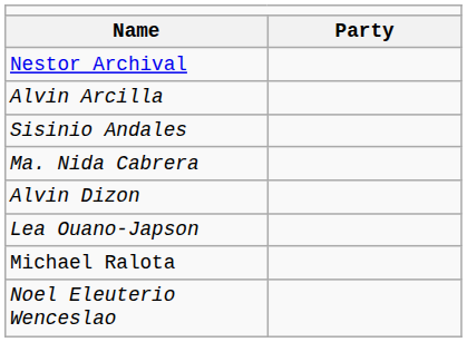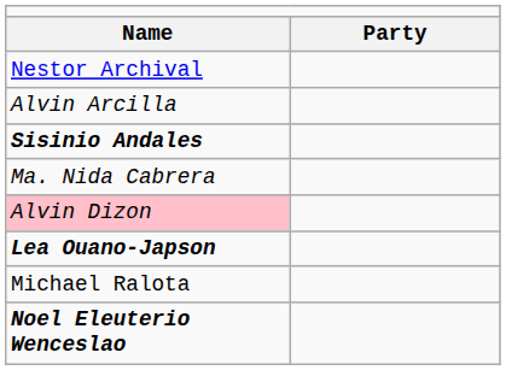 <table class=wikitable style="font-size:90%">
 <tr>
 <td colspan=4 bgcolor=></td>
 </tr>
 <tr>
 <th width=150px>Name</th>
 <th colspan=2 width=110px>Party</th>
 </tr>
 <tr>
 <td><a href='#'>Nestor Archival</a></td>
 <td></td>
 </tr>
 <tr>
 <td><em>Alvin Arcilla</em></td>
 <td></td>
 </tr>
 <tr>
-<td><em>Sisinio Andales</em></td>
+<td><strong><em>Sisinio Andales</em></strong></td>
 <td></td>
 </tr>
 <tr>
 <td><em>Ma. Nida Cabrera</em></td>
 <td></td>
 </tr>
 <tr>
-<td><em>Alvin Dizon</em></td>
+<td style="background: pink;"><em>Alvin Dizon</em></td>
 <td></td>
 </tr>
 <tr>
-<td><em>Lea Ouano-Japson</em></td>
+<td><strong><em>Lea Ouano-Japson</em></strong></td>
 <td></td>
 </tr>
 <tr>
 <td>Michael Ralota</td>
 <td></td>
 </tr>
 <tr>
-<td><em>Noel Eleuterio Wenceslao</em></td>
+<td><strong><em>Noel Eleuterio Wenceslao</em></strong></td>
 <td></td>
 </tr>
 </table>
